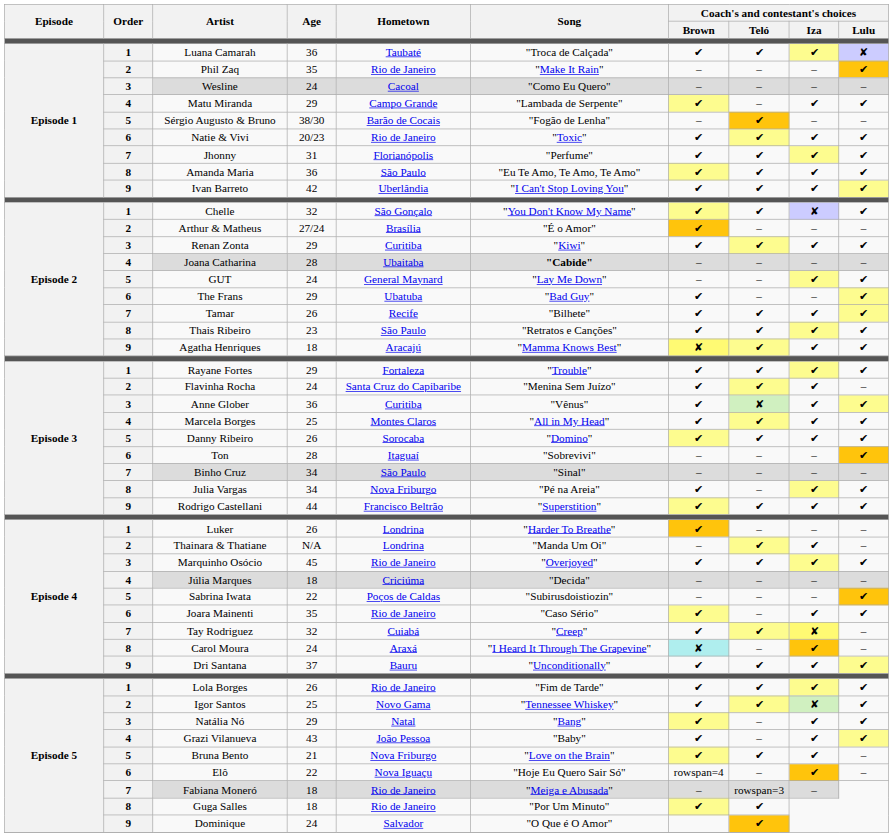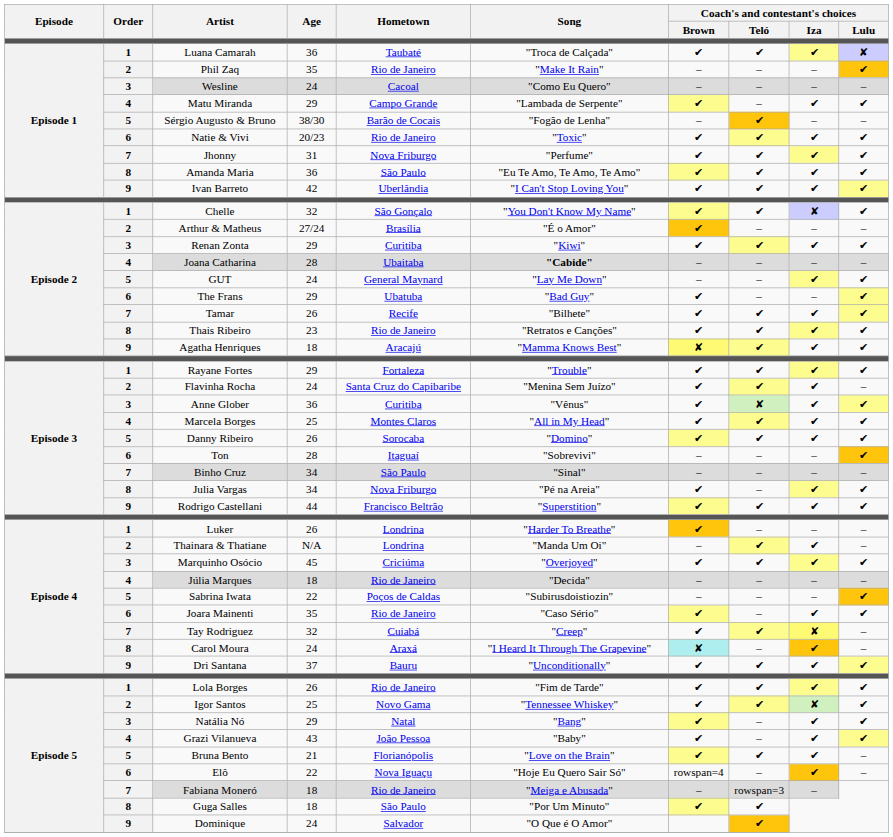 <table class="wikitable" style="text-align:center; line-height:17px; width:100%;">
 <tr>
 <th scope="col" rowspan=2 width="10.0%">Episode</th>
 <th scope="col" rowspan=2 width="05.0%">Order</th>
 <th scope="col" rowspan=2 width="13.5%">Artist</th>
 <th scope="col" rowspan=2 width="05.0%">Age</th>
 <th scope="col" rowspan=2 width="13.5%">Hometown</th>
 <th scope="col" rowspan=2 width="20.0%">Song</th>
 <th scope="col" colspan=4 width="20.0%">Coach's and contestant's choices</th>
 </tr>
 <tr>
 <th width="5%">Brown</th>
 <th width="5%">Teló</th>
 <th width="5%">Iza</th>
 <th width="5%">Lulu</th>
 </tr>
 <tr>
 <td colspan=12 bgcolor=555555></td>
 </tr>
 <tr>
 <th scope="row" rowspan=9>Episode 1<br></th>
 <th scope="row">1</th>
 <td>Luana Camarah </td>
 <td>36</td>
 <td><a href='#'>Taubaté</a></td>
 <td>"Troca de Calçada"</td>
 <td>✔</td>
 <td>✔</td>
 <td bgcolor="FDFC8F">✔</td>
 <td bgcolor="CCCCFF">✘</td>
 </tr>
 <tr>
 <th scope="row">2</th>
 <td>Phil Zaq</td>
 <td>35</td>
 <td><a href='#'>Rio de Janeiro</a></td>
 <td>"<a href='#'>Make It Rain</a>"</td>
 <td>–</td>
 <td>–</td>
 <td>–</td>
 <td bgcolor="FFC40C">✔</td>
 </tr>
 <tr bgcolor="DCDCDC">
 <th scope="row">3</th>
 <td>Wesline</td>
 <td>24</td>
 <td><a href='#'>Cacoal</a></td>
 <td>"Como Eu Quero"</td>
 <td>–</td>
 <td>–</td>
 <td>–</td>
 <td>–</td>
 </tr>
 <tr>
 <th scope="row">4</th>
 <td>Matu Miranda</td>
 <td>29</td>
 <td><a href='#'>Campo Grande</a></td>
 <td>"Lambada de Serpente"</td>
 <td bgcolor="FDFC8F">✔</td>
 <td>–</td>
 <td>✔</td>
 <td>✔</td>
 </tr>
 <tr>
 <th scope="row">5</th>
 <td>Sérgio Augusto & Bruno</td>
 <td>38/30</td>
 <td><a href='#'>Barão de Cocais</a></td>
 <td>"Fogão de Lenha"</td>
 <td>–</td>
 <td bgcolor="FFC40C">✔</td>
 <td>–</td>
 <td>–</td>
 </tr>
 <tr>
 <th scope="row">6</th>
 <td>Natie & Vivi</td>
 <td>20/23</td>
 <td><a href='#'>Rio de Janeiro</a></td>
 <td>"<a href='#'>Toxic</a>"</td>
 <td>✔</td>
 <td bgcolor="FDFC8F">✔</td>
 <td>✔</td>
 <td>✔</td>
 </tr>
 <tr>
 <th scope="row">7</th>
 <td>Jhonny</td>
 <td>31</td>
-<td><a href='#'>Florianópolis</a></td>
+<td><a href='#'>Nova Friburgo</a></td>
 <td>"Perfume"</td>
 <td>✔</td>
 <td>✔</td>
 <td bgcolor="FDFC8F">✔</td>
 <td>✔</td>
 </tr>
 <tr>
 <th scope="row">8</th>
 <td>Amanda Maria</td>
 <td>36</td>
 <td><a href='#'>São Paulo</a></td>
 <td>"Eu Te Amo, Te Amo, Te Amo"</td>
 <td bgcolor="FDFC8F">✔</td>
 <td>✔</td>
 <td>✔</td>
 <td>✔</td>
 </tr>
 <tr>
 <th scope="row">9</th>
 <td>Ivan Barreto</td>
 <td>42</td>
 <td><a href='#'>Uberlândia</a></td>
 <td>"<a href='#'>I Can't Stop Loving You</a>"</td>
 <td>✔</td>
 <td>✔</td>
 <td>✔</td>
 <td bgcolor="FDFC8F">✔</td>
 </tr>
 <tr>
 <td colspan=12 bgcolor=555555></td>
 </tr>
 <tr>
 <th scope="row" rowspan=9>Episode 2<br></th>
 <th scope="row">1</th>
 <td>Chelle</td>
 <td>32</td>
 <td><a href='#'>São Gonçalo</a></td>
 <td>"<a href='#'>You Don't Know My Name</a>"</td>
 <td bgcolor="FDFC8F">✔</td>
 <td>✔</td>
 <td bgcolor="CCCCFF">✘</td>
 <td>✔</td>
 </tr>
 <tr>
 <th scope="row">2</th>
 <td>Arthur & Matheus</td>
 <td>27/24</td>
 <td><a href='#'>Brasília</a></td>
 <td>"É o Amor"</td>
 <td bgcolor="FFC40C">✔</td>
 <td>–</td>
 <td>–</td>
 <td>–</td>
 </tr>
 <tr>
 <th scope="row">3</th>
 <td>Renan Zonta </td>
 <td>29</td>
 <td><a href='#'>Curitiba</a></td>
 <td>"<a href='#'>Kiwi</a>"</td>
 <td>✔</td>
 <td bgcolor="FDFC8F">✔</td>
 <td>✔</td>
 <td>✔</td>
 </tr>
 <tr bgcolor="DCDCDC">
 <th scope="row">4</th>
 <td>Joana Catharina</td>
 <td>28</td>
 <td><a href='#'>Ubaitaba</a></td>
 <td><strong>"Cabide"</strong></td>
 <td>–</td>
 <td>–</td>
 <td>–</td>
 <td>–</td>
 </tr>
 <tr>
 <th scope="row">5</th>
 <td>GUT</td>
 <td>24</td>
 <td><a href='#'>General Maynard</a></td>
 <td>"<a href='#'>Lay Me Down</a>"</td>
 <td>–</td>
 <td>–</td>
 <td bgcolor="FDFC8F">✔</td>
 <td>✔</td>
 </tr>
 <tr>
 <th scope="row">6</th>
 <td>The Frans</td>
 <td>29</td>
 <td><a href='#'>Ubatuba</a></td>
 <td>"<a href='#'>Bad Guy</a>"</td>
 <td>✔</td>
 <td>–</td>
 <td>–</td>
 <td bgcolor="FDFC8F">✔</td>
 </tr>
 <tr>
 <th scope="row">7</th>
 <td>Tamar</td>
 <td>26</td>
 <td><a href='#'>Recife</a></td>
 <td>"Bilhete"</td>
 <td>✔</td>
 <td>✔</td>
 <td>✔</td>
 <td bgcolor="FDFC8F">✔</td>
 </tr>
 <tr>
 <th scope="row">8</th>
 <td>Thais Ribeiro</td>
 <td>23</td>
-<td><a href='#'>São Paulo</a></td>
+<td><a href='#'>Rio de Janeiro</a></td>
 <td>"Retratos e Canções"</td>
 <td>✔</td>
 <td>✔</td>
 <td bgcolor="FDFC8F">✔</td>
 <td>✔</td>
 </tr>
 <tr>
 <th scope="row">9</th>
 <td>Agatha Henriques </td>
 <td>18</td>
 <td><a href='#'>Aracajú</a></td>
 <td>"<a href='#'>Mamma Knows Best</a>"</td>
 <td bgcolor="FFFA73">✘</td>
 <td bgcolor="FDFC8F">✔</td>
 <td>✔</td>
 <td>✔</td>
 </tr>
 <tr>
 <td colspan=12 bgcolor=555555></td>
 </tr>
 <tr>
 <th scope="row" rowspan=9>Episode 3 <br></th>
 <th scope="row">1</th>
 <td>Rayane Fortes</td>
 <td>29</td>
 <td><a href='#'>Fortaleza</a></td>
 <td>"<a href='#'>Trouble</a>"</td>
 <td>✔</td>
 <td>✔</td>
 <td bgcolor="FDFC8F">✔</td>
 <td>✔</td>
 </tr>
 <tr>
 <th scope="row">2</th>
 <td>Flavinha Rocha</td>
 <td>24</td>
 <td><a href='#'>Santa Cruz do Capibaribe</a></td>
 <td>"Menina Sem Juízo"</td>
 <td>✔</td>
 <td bgcolor="FDFC8F">✔</td>
 <td>✔</td>
 <td>–</td>
 </tr>
 <tr>
 <th scope="row">3</th>
 <td>Anne Glober</td>
 <td>36</td>
 <td><a href='#'>Curitiba</a></td>
 <td>"Vênus"</td>
 <td>✔</td>
 <td bgcolor="D0F0C0">✘</td>
 <td>✔</td>
 <td bgcolor="FDFC8F">✔</td>
 </tr>
 <tr>
 <th scope="row">4</th>
 <td>Marcela Borges</td>
 <td>25</td>
 <td><a href='#'>Montes Claros</a></td>
 <td>"<a href='#'>All in My Head</a>"</td>
 <td>✔</td>
 <td bgcolor="FDFC8F">✔</td>
 <td>✔</td>
 <td>✔</td>
 </tr>
 <tr>
 <th scope="row">5</th>
 <td>Danny Ribeiro</td>
 <td>26</td>
 <td><a href='#'>Sorocaba</a></td>
 <td>"<a href='#'>Domino</a>"</td>
 <td bgcolor="FDFC8F">✔</td>
 <td>✔</td>
 <td>✔</td>
 <td>✔</td>
 </tr>
 <tr>
 <th scope="row">6</th>
 <td>Ton</td>
 <td>28</td>
 <td><a href='#'>Itaguaí</a></td>
 <td>"Sobrevivi"</td>
 <td>–</td>
 <td>–</td>
 <td>–</td>
 <td bgcolor="FFC40C">✔</td>
 </tr>
 <tr bgcolor="DCDCDC">
 <th scope="row">7</th>
 <td>Binho Cruz</td>
 <td>34</td>
 <td><a href='#'>São Paulo</a></td>
 <td>"Sinal"</td>
 <td>–</td>
 <td>–</td>
 <td>–</td>
 <td>–</td>
 </tr>
 <tr>
 <th scope="row">8</th>
 <td>Julia Vargas</td>
 <td>34</td>
 <td><a href='#'>Nova Friburgo</a></td>
 <td>"Pé na Areia"</td>
 <td>✔</td>
 <td>–</td>
 <td bgcolor="FDFC8F">✔</td>
 <td>✔</td>
 </tr>
 <tr>
 <th scope="row">9</th>
 <td>Rodrigo Castellani </td>
 <td>44</td>
 <td><a href='#'>Francisco Beltrão</a></td>
 <td>"<a href='#'>Superstition</a>"</td>
 <td bgcolor="FDFC8F">✔</td>
 <td>✔</td>
 <td>✔</td>
 <td>✔</td>
 </tr>
 <tr>
 </tr>
 <tr>
 <td colspan=12 bgcolor=555555></td>
 </tr>
 <tr>
 <th scope="row" rowspan=9>Episode 4 <br></th>
 <th scope="row">1</th>
 <td>Luker</td>
 <td>26</td>
 <td><a href='#'>Londrina</a></td>
 <td>"<a href='#'>Harder To Breathe</a>"</td>
 <td bgcolor="FFC40C">✔</td>
 <td>–</td>
 <td>–</td>
 <td>–</td>
 </tr>
 <tr>
 <th scope="row">2</th>
 <td>Thainara & Thatiane</td>
 <td>N/A</td>
 <td><a href='#'>Londrina</a></td>
 <td>"Manda Um Oi"</td>
 <td>–</td>
 <td bgcolor="FDFC8F">✔</td>
 <td>✔</td>
 <td>–</td>
 </tr>
 <tr>
 <th scope="row">3</th>
 <td>Marquinho Osócio </td>
 <td>45</td>
-<td><a href='#'>Rio de Janeiro</a></td>
+<td><a href='#'>Criciúma</a></td>
 <td>"<a href='#'>Overjoyed</a>"</td>
 <td>✔</td>
 <td>✔</td>
 <td bgcolor="FDFC8F">✔</td>
 <td>✔</td>
 </tr>
 <tr bgcolor="DCDCDC">
 <th scope="row">4</th>
 <td>Júlia Marques</td>
 <td>18</td>
-<td><a href='#'>Criciúma</a></td>
+<td><a href='#'>Rio de Janeiro</a></td>
 <td>"Decida"</td>
 <td>–</td>
 <td>–</td>
 <td>–</td>
 <td>–</td>
 </tr>
 <tr>
 <th scope="row">5</th>
 <td>Sabrina Iwata</td>
 <td>22</td>
 <td><a href='#'>Poços de Caldas</a></td>
 <td>"Subirusdoistiozin"</td>
 <td>–</td>
 <td>–</td>
 <td>–</td>
 <td bgcolor="FFC40C">✔</td>
 </tr>
 <tr>
 <th scope="row">6</th>
 <td>Joara Mainenti</td>
 <td>35</td>
 <td><a href='#'>Rio de Janeiro</a></td>
 <td>"Caso Sério"</td>
 <td bgcolor="FDFC8F">✔</td>
 <td>–</td>
 <td>✔</td>
 <td>✔</td>
 </tr>
 <tr>
 <th scope="row">7</th>
 <td>Tay Rodriguez</td>
 <td>32</td>
 <td><a href='#'>Cuiabá</a></td>
 <td>"<a href='#'>Creep</a>"</td>
 <td>✔</td>
 <td bgcolor="FDFC8F">✔</td>
 <td bgcolor="FFFA73">✘</td>
 <td>–</td>
 </tr>
 <tr>
 <th scope="row">8</th>
 <td>Carol Moura</td>
 <td>24</td>
 <td><a href='#'>Araxá</a></td>
 <td>"<a href='#'>I Heard It Through The Grapevine</a>"</td>
 <td bgcolor="afeeee"> ✘ </td>
 <td>–</td>
 <td bgcolor="FFC40C">✔</td>
 <td>–</td>
 </tr>
 <tr>
 <th scope="row">9</th>
 <td>Dri Santana </td>
 <td>37</td>
 <td><a href='#'>Bauru</a></td>
 <td>"<a href='#'>Unconditionally</a>"</td>
 <td>✔</td>
 <td>✔</td>
 <td>✔</td>
 <td bgcolor="FDFC8F">✔</td>
 </tr>
 <tr>
 </tr>
 <tr>
 <td colspan=12 bgcolor=555555></td>
 </tr>
 <tr>
 <th scope="row" rowspan=9>Episode 5 <br></th>
 <th scope="row">1</th>
 <td>Lola Borges</td>
 <td>26</td>
 <td><a href='#'>Rio de Janeiro</a></td>
 <td>"Fim de Tarde"</td>
 <td>✔</td>
 <td>✔</td>
 <td bgcolor="FDFC8F">✔</td>
 <td>✔</td>
 </tr>
 <tr>
 <th scope="row">2</th>
 <td>Igor Santos</td>
 <td>25</td>
 <td><a href='#'>Novo Gama</a></td>
 <td>"<a href='#'>Tennessee Whiskey</a>"</td>
 <td>✔</td>
 <td bgcolor="FDFC8F">✔</td>
 <td bgcolor="D0F0C0">✘</td>
 <td>✔</td>
 </tr>
 <tr>
 <th scope="row">3</th>
 <td>Natália Nó</td>
 <td>29</td>
 <td><a href='#'>Natal</a></td>
 <td>"<a href='#'>Bang</a>"</td>
 <td bgcolor="FDFC8F">✔</td>
 <td>–</td>
 <td>✔</td>
 <td>✔</td>
 </tr>
 <tr>
 <th scope="row">4</th>
 <td>Grazi Vilanueva</td>
 <td>43</td>
 <td><a href='#'>João Pessoa</a></td>
 <td>"Baby"</td>
 <td>✔</td>
 <td>–</td>
 <td>✔</td>
 <td bgcolor="FDFC8F">✔</td>
 </tr>
 <tr>
 <th scope="row">5</th>
 <td>Bruna Bento</td>
 <td>21</td>
-<td><a href='#'>Nova Friburgo</a></td>
+<td><a href='#'>Florianópolis</a></td>
 <td>"<a href='#'>Love on the Brain</a>"</td>
 <td bgcolor="FDFC8F">✔</td>
 <td>✔</td>
 <td>✔</td>
 <td>–</td>
 </tr>
 <tr>
 <th scope="row">6</th>
 <td>Elô</td>
 <td>22</td>
 <td><a href='#'>Nova Iguaçu</a></td>
 <td>"Hoje Eu Quero Sair Só"</td>
 <td>rowspan=4 </td>
 <td>–</td>
 <td bgcolor="FFC40C">✔</td>
 <td>–</td>
 </tr>
 <tr bgcolor="DCDCDC">
 <th scope="row">7</th>
 <td>Fabiana Moneró </td>
 <td>18</td>
 <td><a href='#'>Rio de Janeiro</a></td>
 <td>"<a href='#'>Meiga e Abusada</a>"</td>
 <td>–</td>
 <td>rowspan=3 </td>
 <td>–</td>
 </tr>
 <tr>
 <th scope="row">8</th>
 <td>Guga Salles </td>
 <td>18</td>
-<td><a href='#'>Rio de Janeiro</a></td>
+<td><a href='#'>São Paulo</a></td>
 <td>"Por Um Minuto"</td>
 <td bgcolor="FDFC8F">✔</td>
 <td>✔</td>
 </tr>
 <tr>
 <th scope="row">9</th>
 <td>Dominique</td>
 <td>24</td>
 <td><a href='#'>Salvador</a></td>
 <td>"O Que é O Amor"</td>
 <td></td>
 <td bgcolor="FFC40C">✔</td>
 </tr>
 <tr>
 </tr>
 </table>
